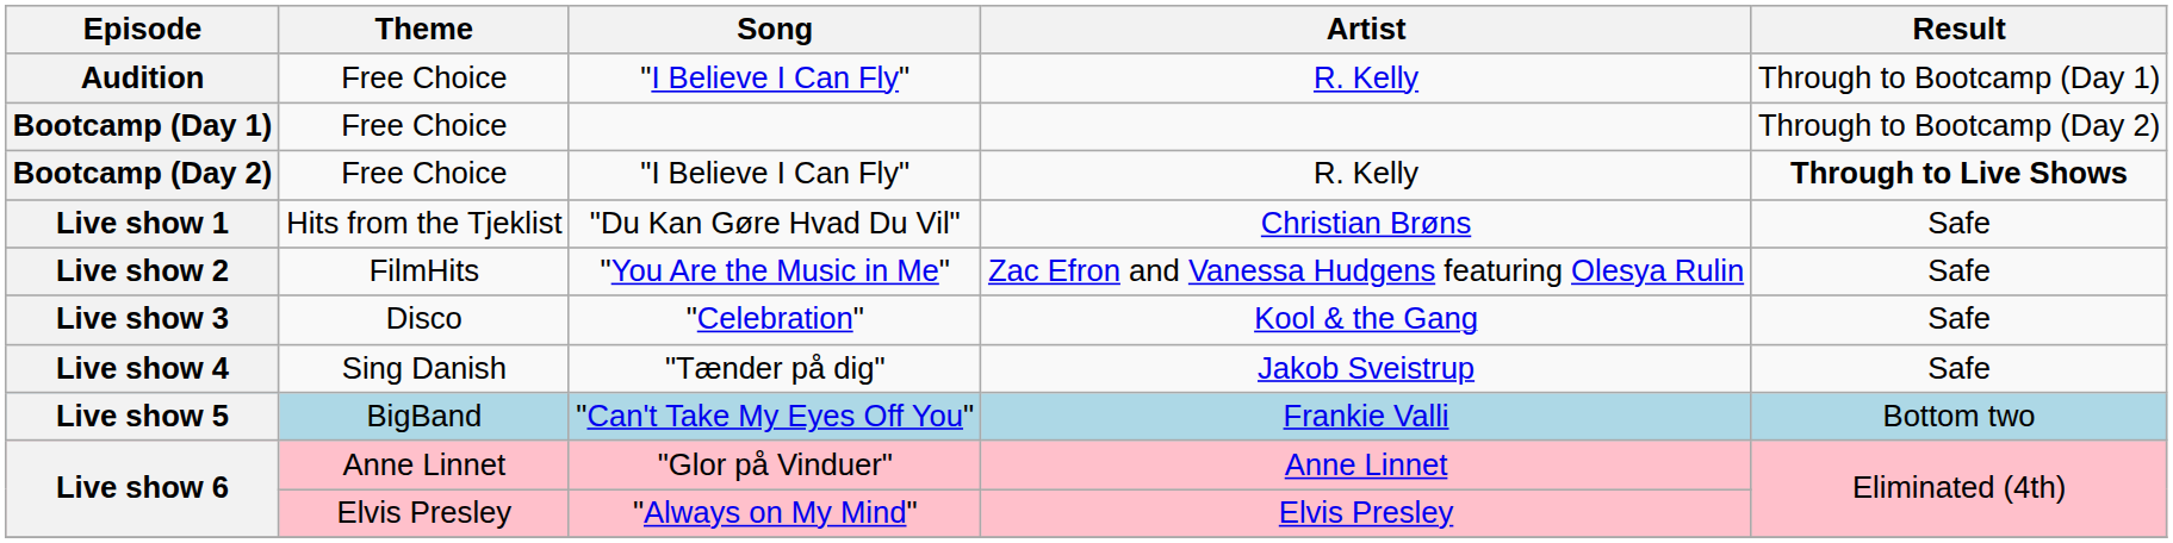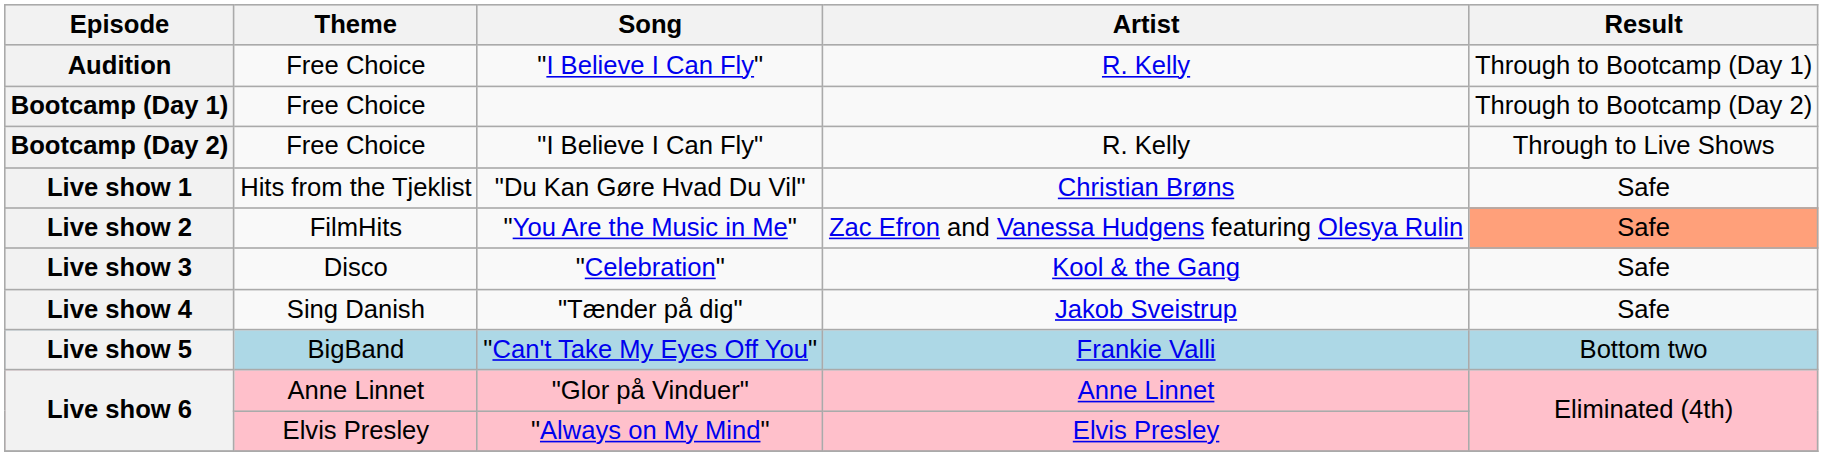 <table class="wikitable" style="text-align:center;">
 <tr>
 <th scope="col">Episode</th>
 <th scope="col">Theme</th>
 <th scope="col">Song</th>
 <th scope="col">Artist</th>
 <th scope="col">Result</th>
 </tr>
 <tr>
 <th scope="row">Audition</th>
 <td>Free Choice</td>
 <td>"<a href='#'>I Believe I Can Fly</a>"</td>
 <td><a href='#'>R. Kelly</a></td>
 <td>Through to Bootcamp (Day 1)</td>
 </tr>
 <tr>
 <th scope="row">Bootcamp (Day 1)</th>
 <td>Free Choice</td>
 <td></td>
 <td></td>
 <td>Through to Bootcamp (Day 2)</td>
 </tr>
 <tr>
 <th scope="row">Bootcamp (Day 2)</th>
 <td>Free Choice</td>
 <td>"I Believe I Can Fly"</td>
 <td>R. Kelly</td>
-<td><strong>Through to Live Shows</strong></td>
+<td>Through to Live Shows</td>
 </tr>
 <tr>
 <th scope="row">Live show 1</th>
 <td>Hits from the Tjeklist</td>
 <td>"Du Kan Gøre Hvad Du Vil"</td>
 <td><a href='#'>Christian Brøns</a></td>
 <td>Safe</td>
 </tr>
 <tr>
 <th scope="row">Live show 2</th>
 <td>FilmHits</td>
 <td>"<a href='#'>You Are the Music in Me</a>"</td>
 <td><a href='#'>Zac Efron</a> and <a href='#'>Vanessa Hudgens</a> featuring <a href='#'>Olesya Rulin</a></td>
-<td>Safe</td>
+<td style="background: lightsalmon;">Safe</td>
 </tr>
 <tr>
 <th scope="row">Live show 3</th>
 <td>Disco</td>
 <td>"<a href='#'>Celebration</a>"</td>
 <td><a href='#'>Kool & the Gang</a></td>
 <td>Safe</td>
 </tr>
 <tr>
 <th scope="row">Live show 4</th>
 <td>Sing Danish</td>
 <td>"Tænder på dig"</td>
 <td><a href='#'>Jakob Sveistrup</a></td>
 <td>Safe</td>
 </tr>
 <tr bgcolor=lightblue>
 <th scope="row">Live show 5</th>
 <td>BigBand</td>
 <td>"<a href='#'>Can't Take My Eyes Off You</a>"</td>
 <td><a href='#'>Frankie Valli</a></td>
 <td>Bottom two</td>
 </tr>
 <tr bgcolor=pink>
 <th scope="row" rowspan="2">Live show 6</th>
 <td>Anne Linnet</td>
 <td>"Glor på Vinduer"</td>
 <td><a href='#'>Anne Linnet</a></td>
 <td rowspan="2">Eliminated (4th)</td>
 </tr>
 <tr bgcolor=pink>
 <td>Elvis Presley</td>
 <td>"<a href='#'>Always on My Mind</a>"</td>
 <td><a href='#'>Elvis Presley</a></td>
 </tr>
 <tr>
 </tr>
 </table>
